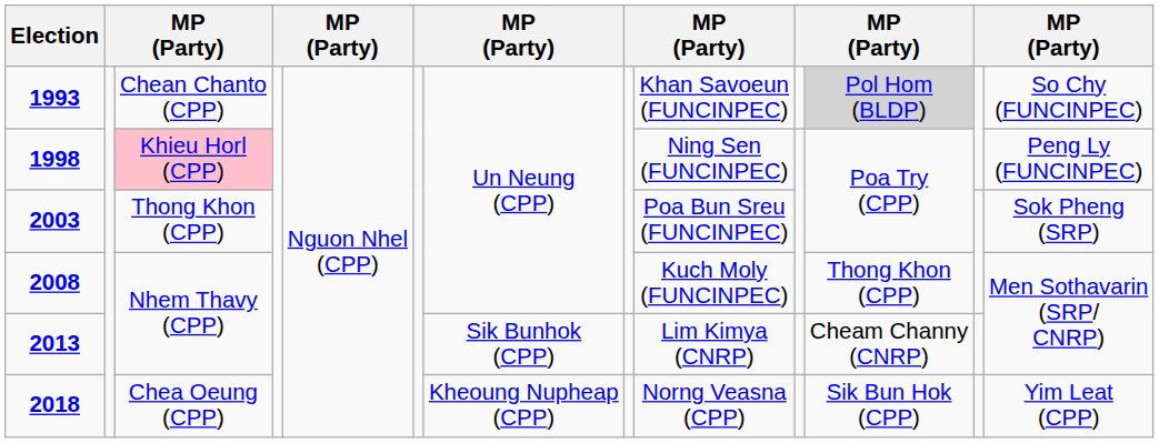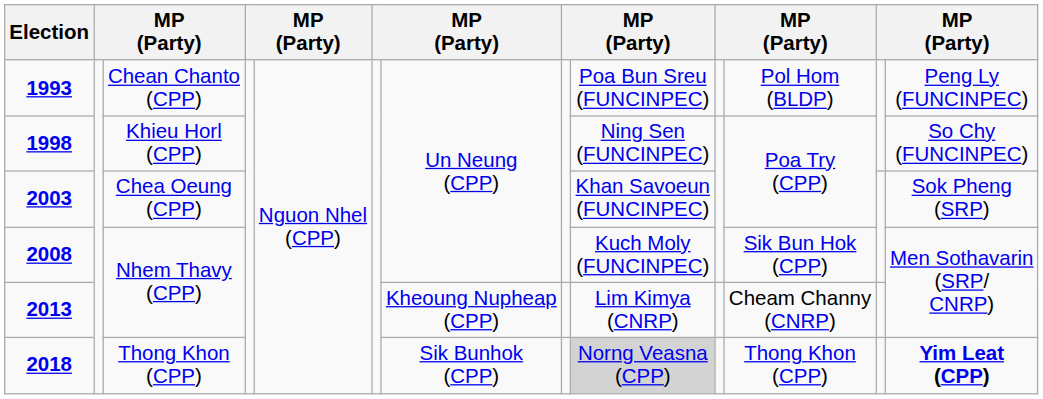 <table class="wikitable" style="text-align:center">
 <tr>
 <th>Election</th>
 <th colspan=2>MP<br>(Party)</th>
 <th colspan=2>MP<br>(Party)</th>
 <th colspan=2>MP<br>(Party)</th>
 <th colspan=2>MP<br>(Party)</th>
 <th colspan=2>MP<br>(Party)</th>
 <th colspan=2>MP<br>(Party)</th>
 </tr>
 <tr>
 <td><strong><a href='#'>1993</a></strong></td>
 <td rowspan=6; style="background-color: "></td>
 <td rowspan=1><a href='#'>Chean Chanto</a><br>(<a href='#'>CPP</a>)</td>
 <td rowspan=6; style="background-color: "></td>
 <td rowspan=6><a href='#'>Nguon Nhel</a><br>(<a href='#'>CPP</a>)</td>
 <td rowspan=6; style="background-color: "></td>
 <td rowspan=4><a href='#'>Un Neung</a><br>(<a href='#'>CPP</a>)</td>
 <td rowspan=4; style="background-color: "></td>
-<td rowspan=1><a href='#'>Khan Savoeun</a><br>(<a href='#'>FUNCINPEC</a>)</td>
+<td rowspan=1><a href='#'>Poa Bun Sreu</a><br>(<a href='#'>FUNCINPEC</a>)</td>
 <td rowspan=1; style="background-color: "></td>
-<td rowspan=1 style="background: lightgrey;"><a href='#'>Pol Hom</a><br>(<a href='#'>BLDP</a>)</td>
+<td rowspan=1><a href='#'>Pol Hom</a><br>(<a href='#'>BLDP</a>)</td>
 <td rowspan=2; style="background-color: "></td>
+<td rowspan=1><a href='#'>Peng Ly</a><br>(<a href='#'>FUNCINPEC</a>)</td>
+</tr>
+<tr>
+<td><strong><a href='#'>1998</a></strong></td>
+<td rowspan=1><a href='#'>Khieu Horl</a><br>(<a href='#'>CPP</a>)</td>
+<td rowspan=1><a href='#'>Ning Sen</a><br>(<a href='#'>FUNCINPEC</a>)</td>
+<td rowspan=3; style="background-color: "></td>
+<td rowspan=2><a href='#'>Poa Try</a><br>(<a href='#'>CPP</a>)</td>
 <td rowspan=1><a href='#'>So Chy</a><br>(<a href='#'>FUNCINPEC</a>)</td>
 </tr>
 <tr>
-<td><strong><a href='#'>1998</a></strong></td>
-<td rowspan=1 style="background: pink;"><a href='#'>Khieu Horl</a><br>(<a href='#'>CPP</a>)</td>
-<td rowspan=1><a href='#'>Ning Sen</a><br>(<a href='#'>FUNCINPEC</a>)</td>
-<td rowspan=3; style="background-color: "></td>
-<td rowspan=2><a href='#'>Poa Try</a><br>(<a href='#'>CPP</a>)</td>
-<td rowspan=1><a href='#'>Peng Ly</a><br>(<a href='#'>FUNCINPEC</a>)</td>
-</tr>
-<tr>
 <td><strong><a href='#'>2003</a></strong></td>
-<td rowspan=1><a href='#'>Thong Khon</a><br>(<a href='#'>CPP</a>)</td>
-<td rowspan=1><a href='#'>Poa Bun Sreu</a><br>(<a href='#'>FUNCINPEC</a>)</td>
+<td rowspan=1><a href='#'>Chea Oeung</a><br>(<a href='#'>CPP</a>)</td>
+<td rowspan=1><a href='#'>Khan Savoeun</a><br>(<a href='#'>FUNCINPEC</a>)</td>
 <td rowspan=2; style="background-color: "></td>
 <td rowspan=1><a href='#'>Sok Pheng</a><br>(<a href='#'>SRP</a>)</td>
 </tr>
 <tr>
 <td><strong><a href='#'>2008</a></strong></td>
 <td rowspan=2><a href='#'>Nhem Thavy</a><br>(<a href='#'>CPP</a>)</td>
 <td rowspan=1><a href='#'>Kuch Moly</a><br>(<a href='#'>FUNCINPEC</a>)</td>
-<td rowspan=1><a href='#'>Thong Khon</a><br>(<a href='#'>CPP</a>)</td>
+<td rowspan=1><a href='#'>Sik Bun Hok</a><br>(<a href='#'>CPP</a>)</td>
 <td rowspan=2><a href='#'>Men Sothavarin</a><br>(<a href='#'>SRP</a>/<br><a href='#'>CNRP</a>)</td>
 </tr>
 <tr>
 <td><strong><a href='#'>2013</a></strong></td>
-<td rowspan=1><a href='#'>Sik Bunhok</a><br>(<a href='#'>CPP</a>)</td>
+<td rowspan=1><a href='#'>Kheoung Nupheap</a><br>(<a href='#'>CPP</a>)</td>
 <td rowspan=1; style="background-color: "></td>
 <td rowspan=1><a href='#'>Lim Kimya</a><br>(<a href='#'>CNRP</a>)</td>
 <td rowspan=1; style="background-color: "></td>
 <td>Cheam Channy<br>(<a href='#'>CNRP</a>)</td>
 <td rowspan=1; style="background-color: "></td>
 </tr>
 <tr>
 <td><strong><a href='#'>2018</a></strong></td>
-<td rowspan=1><a href='#'>Chea Oeung</a><br>(<a href='#'>CPP</a>)</td>
-<td rowspan=1><a href='#'>Kheoung Nupheap</a><br>(<a href='#'>CPP</a>)</td>
+<td rowspan=1><a href='#'>Thong Khon</a><br>(<a href='#'>CPP</a>)</td>
+<td rowspan=1><a href='#'>Sik Bunhok</a><br>(<a href='#'>CPP</a>)</td>
 <td rowspan=1; style="background-color: "></td>
-<td rowspan=1><a href='#'>Norng Veasna</a><br>(<a href='#'>CPP</a>)</td>
+<td rowspan=1 style="background: lightgrey;"><a href='#'>Norng Veasna</a><br>(<a href='#'>CPP</a>)</td>
 <td rowspan=1; style="background-color: "></td>
-<td rowspan=1><a href='#'>Sik Bun Hok</a><br>(<a href='#'>CPP</a>)</td>
+<td rowspan=1><a href='#'>Thong Khon</a><br>(<a href='#'>CPP</a>)</td>
 <td rowspan=1; style="background-color: "></td>
-<td rowspan=1><a href='#'>Yim Leat</a><br>(<a href='#'>CPP</a>)</td>
+<td rowspan=1><strong><a href='#'>Yim Leat</a><br>(<a href='#'>CPP</a>)</strong></td>
 </tr>
 </table>
